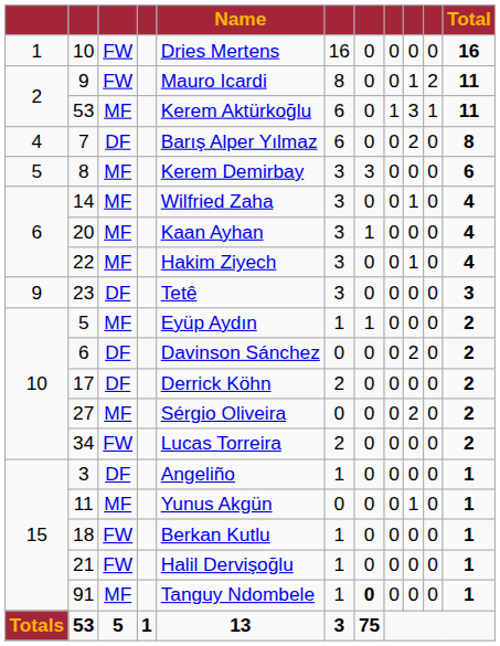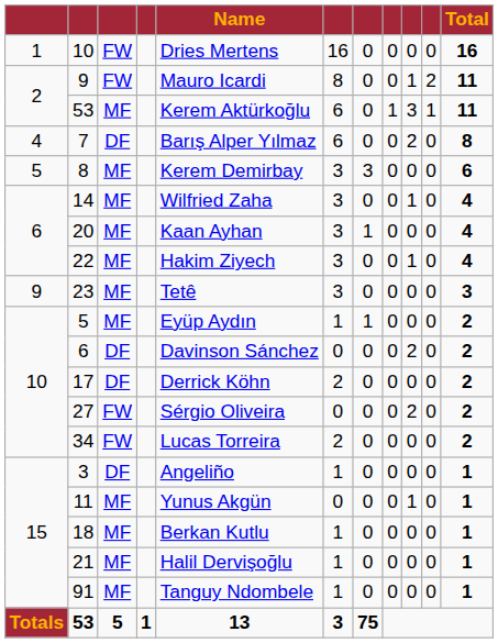 <table class="wikitable" style="text-align:center">
 <tr>
 <th style="background:#A32638; color:#FFB300; "></th>
 <th style="background:#A32638; color:#FFB300; "></th>
 <th style="background:#A32638; color:#FFB300; "></th>
 <th style="background:#A32638; color:#FFB300; "></th>
 <th style="background:#A32638; color:#FFB300; ">Name</th>
 <th style="background:#A32638; color:#FFB300; "></th>
 <th style="background:#A32638; color:#FFB300; "></th>
 <th style="background:#A32638; color:#FFB300; "></th>
 <th style="background:#A32638; color:#FFB300; "></th>
 <th style="background:#A32638; color:#FFB300; "></th>
 <th style="background:#A32638; color:#FFB300; ">Total</th>
 </tr>
 <tr>
 <td rowspan="1">1</td>
 <td>10</td>
 <td><a href='#'>FW</a></td>
 <td></td>
 <td align=left><a href='#'>Dries Mertens</a></td>
 <td>16</td>
 <td>0</td>
 <td>0</td>
 <td>0</td>
 <td>0</td>
 <td><strong>16</strong></td>
 </tr>
 <tr>
 <td rowspan="2">2</td>
 <td>9</td>
 <td><a href='#'>FW</a></td>
 <td></td>
 <td align=left><a href='#'>Mauro Icardi</a></td>
 <td>8</td>
 <td>0</td>
 <td>0</td>
 <td>1</td>
 <td>2</td>
 <td><strong>11</strong></td>
 </tr>
 <tr>
 <td>53</td>
 <td><a href='#'>MF</a></td>
 <td></td>
 <td align=left><a href='#'>Kerem Aktürkoğlu</a></td>
 <td>6</td>
 <td>0</td>
 <td>1</td>
 <td>3</td>
 <td>1</td>
 <td><strong>11</strong></td>
 </tr>
 <tr>
 <td rowspan="1">4</td>
 <td>7</td>
 <td><a href='#'>DF</a></td>
 <td></td>
 <td align=left><a href='#'>Barış Alper Yılmaz</a></td>
 <td>6</td>
 <td>0</td>
 <td>0</td>
 <td>2</td>
 <td>0</td>
 <td><strong>8</strong></td>
 </tr>
 <tr>
 <td rowspan="1">5</td>
 <td>8</td>
 <td><a href='#'>MF</a></td>
 <td></td>
 <td align=left><a href='#'>Kerem Demirbay</a></td>
 <td>3</td>
 <td>3</td>
 <td>0</td>
 <td>0</td>
 <td>0</td>
 <td><strong>6</strong></td>
 </tr>
 <tr>
 <td rowspan="3">6</td>
 <td>14</td>
 <td><a href='#'>MF</a></td>
 <td></td>
 <td align=left><a href='#'>Wilfried Zaha</a></td>
 <td>3</td>
 <td>0</td>
 <td>0</td>
 <td>1</td>
 <td>0</td>
 <td><strong>4</strong></td>
 </tr>
 <tr>
 <td>20</td>
 <td><a href='#'>MF</a></td>
 <td></td>
 <td align=left><a href='#'>Kaan Ayhan</a></td>
 <td>3</td>
 <td>1</td>
 <td>0</td>
 <td>0</td>
 <td>0</td>
 <td><strong>4</strong></td>
 </tr>
 <tr>
 <td>22</td>
 <td><a href='#'>MF</a></td>
 <td></td>
 <td align=left><a href='#'>Hakim Ziyech</a></td>
 <td>3</td>
 <td>0</td>
 <td>0</td>
 <td>1</td>
 <td>0</td>
 <td><strong>4</strong></td>
 </tr>
 <tr>
 <td rowspan="1">9</td>
 <td>23</td>
-<td><a href='#'>DF</a></td>
+<td><a href='#'>MF</a></td>
 <td></td>
 <td align=left><a href='#'>Tetê</a></td>
 <td>3</td>
 <td>0</td>
 <td>0</td>
 <td>0</td>
 <td>0</td>
 <td><strong>3</strong></td>
 </tr>
 <tr>
 <td rowspan="5">10</td>
 <td>5</td>
 <td><a href='#'>MF</a></td>
 <td></td>
 <td align=left><a href='#'>Eyüp Aydın</a></td>
 <td>1</td>
 <td>1</td>
 <td>0</td>
 <td>0</td>
 <td>0</td>
 <td><strong>2</strong></td>
 </tr>
 <tr>
 <td>6</td>
 <td><a href='#'>DF</a></td>
 <td></td>
 <td align=left><a href='#'>Davinson Sánchez</a></td>
 <td>0</td>
 <td>0</td>
 <td>0</td>
 <td>2</td>
 <td>0</td>
 <td><strong>2</strong></td>
 </tr>
 <tr>
 <td>17</td>
 <td><a href='#'>DF</a></td>
 <td></td>
 <td align=left><a href='#'>Derrick Köhn</a></td>
 <td>2</td>
 <td>0</td>
 <td>0</td>
 <td>0</td>
 <td>0</td>
 <td><strong>2</strong></td>
 </tr>
 <tr>
 <td>27</td>
-<td><a href='#'>MF</a></td>
+<td><a href='#'>FW</a></td>
 <td></td>
 <td align=left><a href='#'>Sérgio Oliveira</a></td>
 <td>0</td>
 <td>0</td>
 <td>0</td>
 <td>2</td>
 <td>0</td>
 <td><strong>2</strong></td>
 </tr>
 <tr>
 <td>34</td>
 <td><a href='#'>FW</a></td>
 <td></td>
 <td align=left><a href='#'>Lucas Torreira</a></td>
 <td>2</td>
 <td>0</td>
 <td>0</td>
 <td>0</td>
 <td>0</td>
 <td><strong>2</strong></td>
 </tr>
 <tr>
 <td rowspan="5">15</td>
 <td>3</td>
 <td><a href='#'>DF</a></td>
 <td></td>
 <td align=left><a href='#'>Angeliño</a></td>
 <td>1</td>
 <td>0</td>
 <td>0</td>
 <td>0</td>
 <td>0</td>
 <td><strong>1</strong></td>
 </tr>
 <tr>
 <td>11</td>
 <td><a href='#'>MF</a></td>
 <td></td>
 <td align=left><a href='#'>Yunus Akgün</a></td>
 <td>0</td>
 <td>0</td>
 <td>0</td>
 <td>1</td>
 <td>0</td>
 <td><strong>1</strong></td>
 </tr>
 <tr>
 <td>18</td>
-<td><a href='#'>FW</a></td>
+<td><a href='#'>MF</a></td>
 <td></td>
 <td align=left><a href='#'>Berkan Kutlu</a></td>
 <td>1</td>
 <td>0</td>
 <td>0</td>
 <td>0</td>
 <td>0</td>
 <td><strong>1</strong></td>
 </tr>
 <tr>
 <td>21</td>
-<td><a href='#'>FW</a></td>
+<td><a href='#'>MF</a></td>
 <td></td>
 <td align=left><a href='#'>Halil Dervişoğlu</a></td>
 <td>1</td>
 <td>0</td>
 <td>0</td>
 <td>0</td>
 <td>0</td>
 <td><strong>1</strong></td>
 </tr>
 <tr>
 <td>91</td>
 <td><a href='#'>MF</a></td>
 <td></td>
 <td align=left><a href='#'>Tanguy Ndombele</a></td>
 <td>1</td>
-<td><strong>0</strong></td>
+<td>0</td>
 <td>0</td>
 <td>0</td>
 <td>0</td>
 <td><strong>1</strong></td>
 </tr>
 <tr>
 <td style="background:#A32638; color:#FFB300; "><strong>Totals</strong></td>
 <td><strong>53</strong></td>
 <td><strong>5</strong></td>
 <td><strong>1</strong></td>
 <td><strong>13</strong></td>
 <td><strong>3</strong></td>
 <td><strong>75</strong></td>
 </tr>
 </table>
